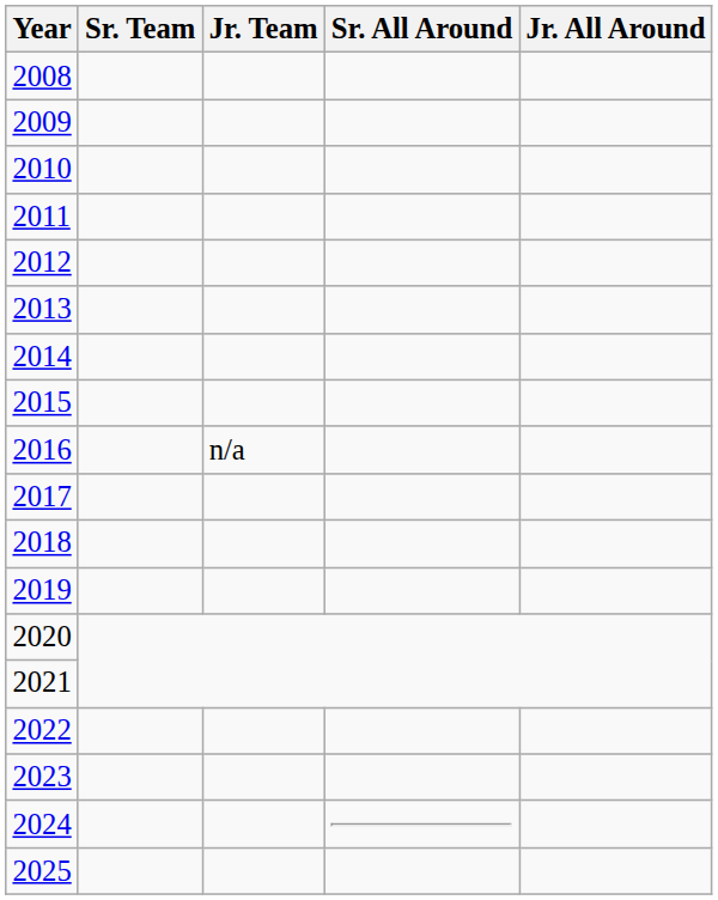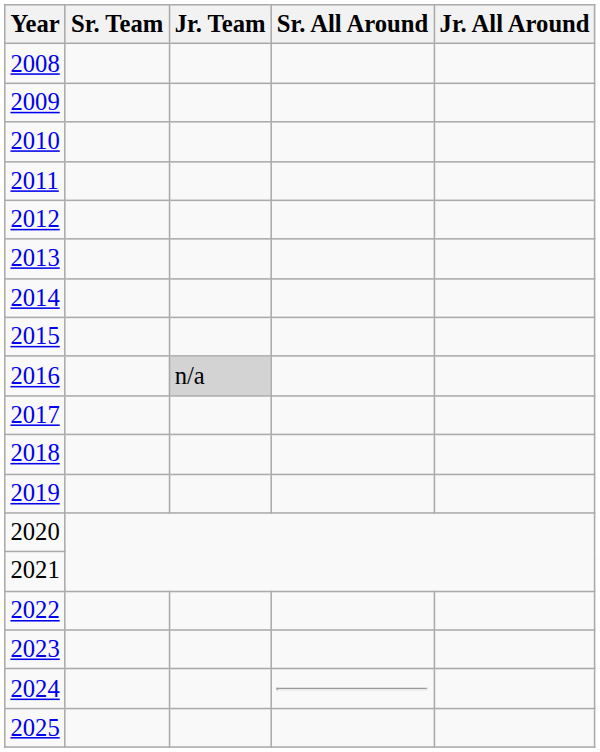 <table class="wikitable">
 <tr>
 <th>Year</th>
 <th>Sr. Team</th>
 <th>Jr. Team</th>
 <th>Sr. All Around</th>
 <th>Jr. All Around</th>
 </tr>
 <tr>
 <td><a href='#'>2008</a></td>
 <td></td>
 <td></td>
 <td></td>
 <td></td>
 </tr>
 <tr>
 <td><a href='#'>2009</a></td>
 <td></td>
 <td></td>
 <td></td>
 <td></td>
 </tr>
 <tr>
 <td><a href='#'>2010</a></td>
 <td></td>
 <td></td>
 <td></td>
 <td></td>
 </tr>
 <tr>
 <td><a href='#'>2011</a></td>
 <td></td>
 <td></td>
 <td></td>
 <td></td>
 </tr>
 <tr>
 <td><a href='#'>2012</a></td>
 <td></td>
 <td></td>
 <td></td>
 <td></td>
 </tr>
 <tr>
 <td><a href='#'>2013</a></td>
 <td></td>
 <td></td>
 <td></td>
 <td></td>
 </tr>
 <tr>
 <td><a href='#'>2014</a></td>
 <td></td>
 <td></td>
 <td></td>
 <td></td>
 </tr>
 <tr>
 <td><a href='#'>2015</a></td>
 <td></td>
 <td></td>
 <td></td>
 <td></td>
 </tr>
 <tr>
 <td><a href='#'>2016</a></td>
 <td></td>
-<td>n/a</td>
+<td style="background: lightgrey;">n/a</td>
 <td></td>
 <td></td>
 </tr>
 <tr>
 <td><a href='#'>2017</a></td>
 <td></td>
 <td></td>
 <td></td>
 <td></td>
 </tr>
 <tr>
 <td><a href='#'>2018</a></td>
 <td></td>
 <td></td>
 <td></td>
 <td></td>
 </tr>
 <tr>
 <td><a href='#'>2019</a></td>
 <td></td>
 <td></td>
 <td></td>
 <td></td>
 </tr>
 <tr>
 <td>2020</td>
 <td rowspan="2" colspan="4"></td>
 </tr>
 <tr>
 <td>2021</td>
 </tr>
 <tr>
 <td><a href='#'>2022</a></td>
 <td></td>
 <td></td>
 <td></td>
 <td></td>
 </tr>
 <tr>
 <td><a href='#'>2023</a></td>
 <td></td>
 <td></td>
 <td></td>
 <td></td>
 </tr>
 <tr>
 <td><a href='#'>2024</a></td>
 <td></td>
 <td></td>
 <td><hr></td>
 <td></td>
 </tr>
 <tr>
 <td><a href='#'>2025</a></td>
 <td></td>
 <td></td>
 <td></td>
 <td></td>
 </tr>
 </table>
